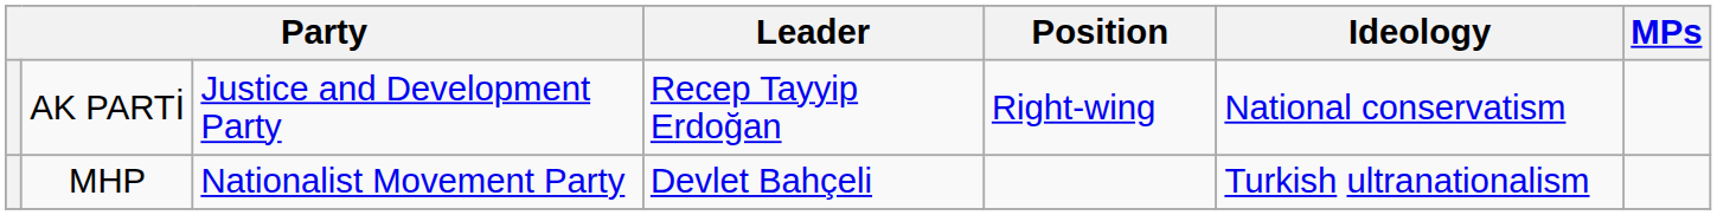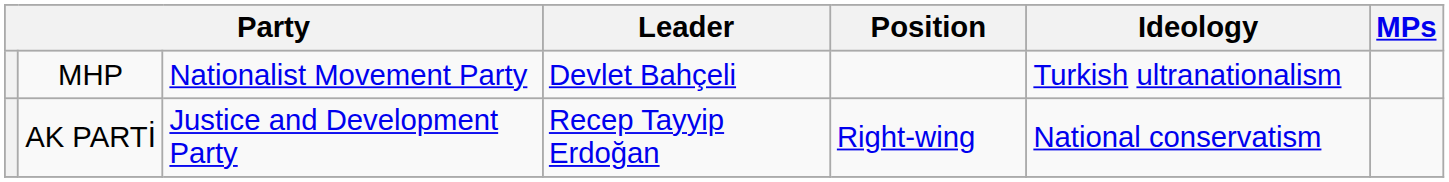 <table class="wikitable">
 <tr>
 <th colspan=3>Party</th>
 <th>Leader</th>
 <th>Position</th>
 <th>Ideology</th>
 <th><a href='#'>MPs</a></th>
 </tr>
 <tr>
 <th style="background:"></th>
+<td align=center>MHP</td>
+<td><a href='#'>Nationalist Movement Party</a><br><small></small></td>
+<td><a href='#'>Devlet Bahçeli</a></td>
+<td></td>
+<td><a href='#'>Turkish</a> <a href='#'>ultranationalism</a></td>
+<td></td>
+</tr>
+<tr>
+<th style="background:"></th>
 <td align=center>AK PARTİ</td>
 <td style="width:200px"><a href='#'>Justice and Development Party</a><br><small></small></td>
 <td style="width:150px"><a href='#'>Recep Tayyip Erdoğan</a></td>
 <td style="width:100px"><a href='#'>Right-wing</a></td>
 <td style="width:180px"><a href='#'>National conservatism</a></td>
 <td></td>
 </tr>
-<tr>
-<th style="background:"></th>
-<td align=center>MHP</td>
-<td><a href='#'>Nationalist Movement Party</a><br><small></small></td>
-<td><a href='#'>Devlet Bahçeli</a></td>
-<td></td>
-<td><a href='#'>Turkish</a> <a href='#'>ultranationalism</a></td>
-<td></td>
-</tr>
 </table>
